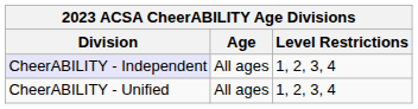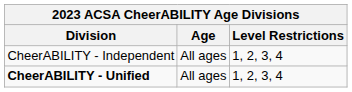 <table class="wikitable">
 <tr>
 <th colspan="3">2023 ACSA CheerABILITY Age Divisions</th>
 </tr>
 <tr>
 <th>Division</th>
 <th>Age</th>
 <th>Level Restrictions</th>
 </tr>
 <tr>
-<td style="background: lavender;">CheerABILITY - Independent</td>
+<td>CheerABILITY - Independent</td>
 <td>All ages</td>
 <td>1, 2, 3, 4</td>
 </tr>
 <tr>
-<td>CheerABILITY - Unified</td>
+<td><strong>CheerABILITY - Unified</strong></td>
 <td>All ages</td>
 <td>1, 2, 3, 4</td>
 </tr>
 </table>
